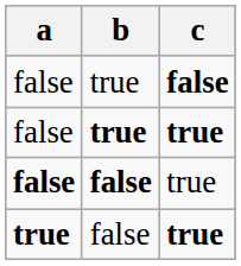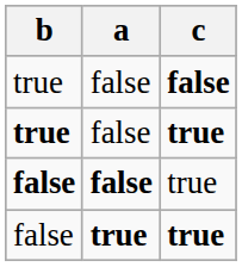 <table class="wikitable">
 <tr>
+<th>b</th>
 <th>a</th>
-<th>b</th>
 <th>c</th>
 </tr>
 <tr>
+<td>true</td>
 <td>false</td>
-<td>true</td>
 <td><strong>false</strong></td>
 </tr>
 <tr>
+<td><strong>true</strong></td>
 <td>false</td>
-<td><strong>true</strong></td>
 <td><strong>true</strong></td>
 </tr>
 <tr>
 <td><strong>false</strong></td>
 <td><strong>false</strong></td>
 <td>true</td>
 </tr>
 <tr>
+<td>false</td>
 <td><strong>true</strong></td>
-<td>false</td>
 <td><strong>true</strong></td>
 </tr>
 </table>
